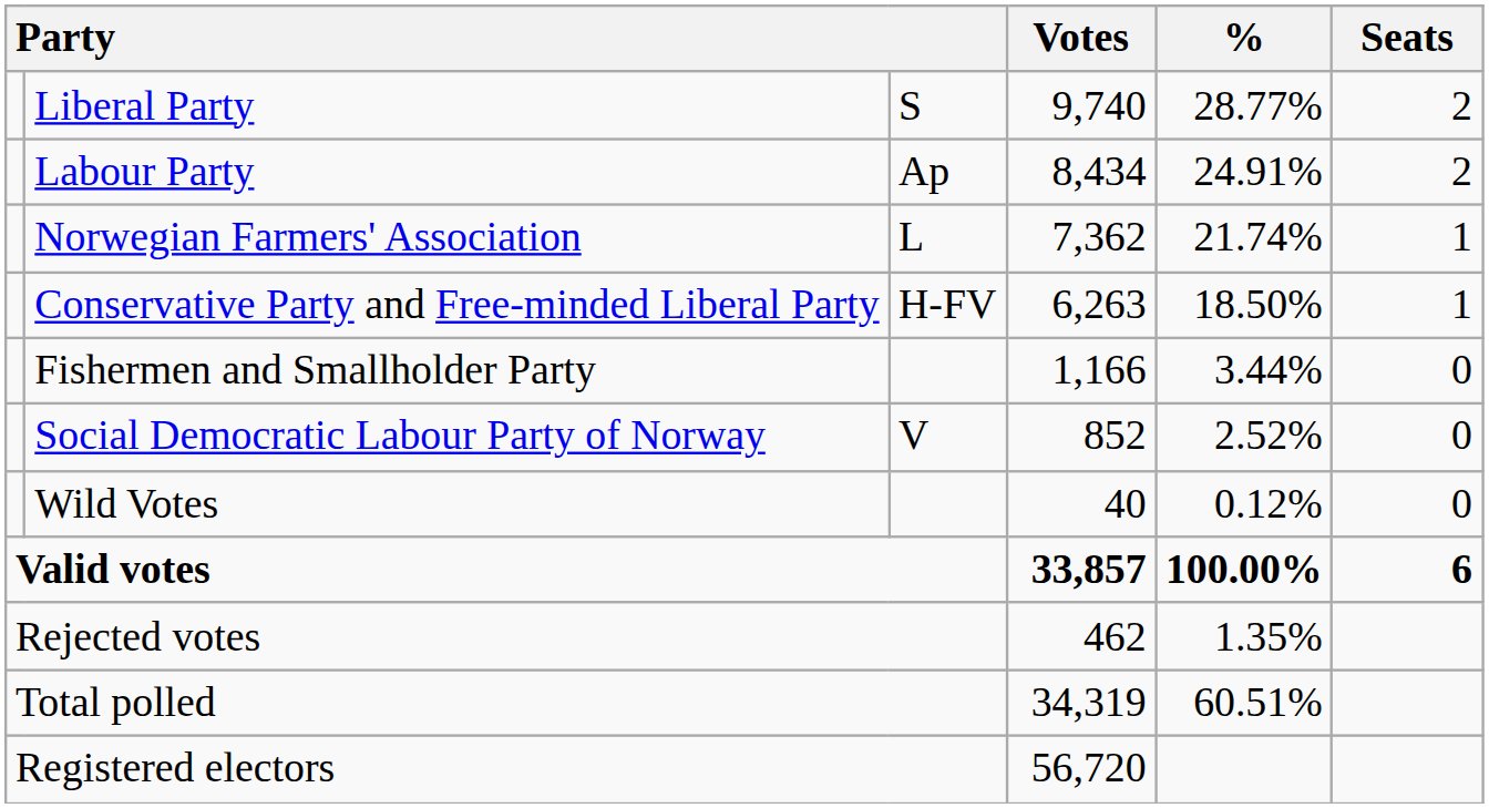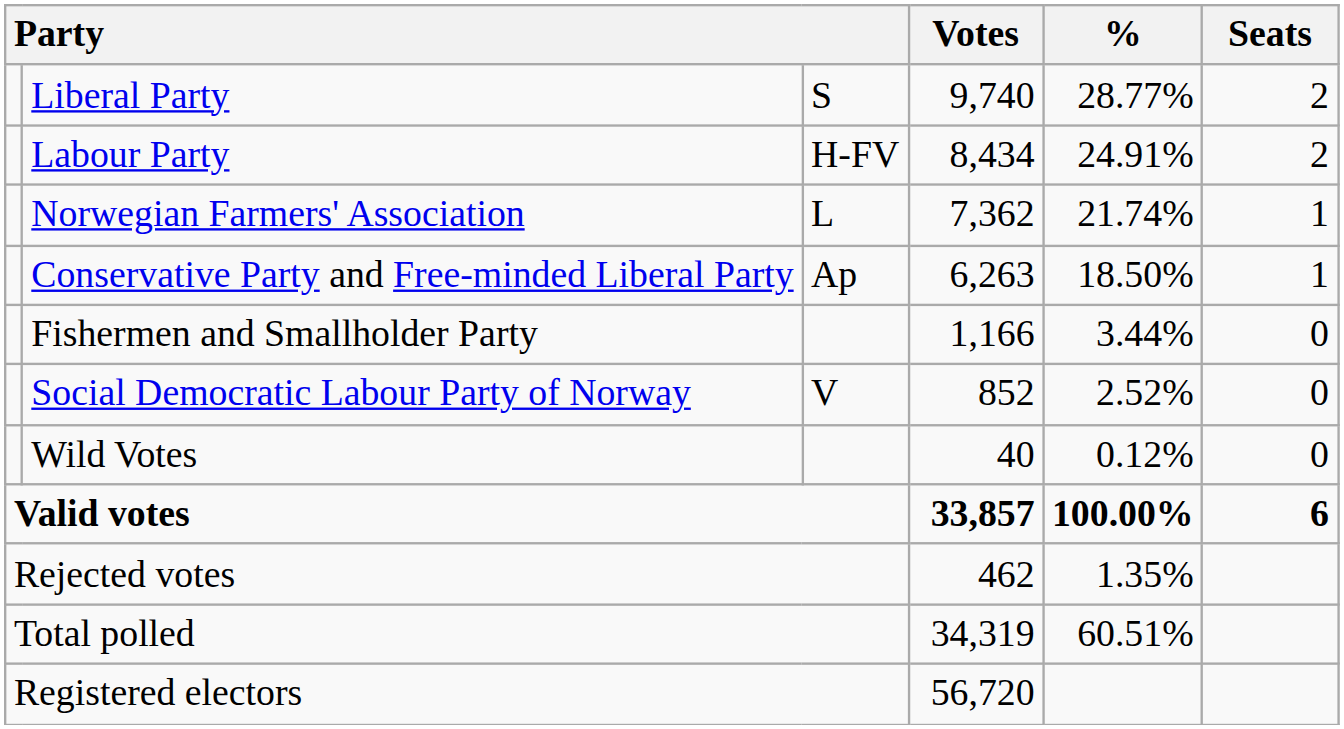 <table class="wikitable" border="1" style="text-align:right;">
 <tr>
 <th style="text-align:left;" colspan=3>Party</th>
 <th align=center width="50">Votes</th>
 <th align=center width="50">%</th>
 <th align=center width="50">Seats</th>
 </tr>
 <tr>
 <td style="color:inherit;background:"></td>
 <td align=left><a href='#'>Liberal Party</a></td>
 <td align=left>S</td>
 <td>9,740</td>
 <td>28.77%</td>
 <td>2</td>
 </tr>
 <tr>
 <td style="color:inherit;background:"></td>
 <td align=left><a href='#'>Labour Party</a></td>
-<td align=left>Ap</td>
+<td align=left>H-FV</td>
 <td>8,434</td>
 <td>24.91%</td>
 <td>2</td>
 </tr>
 <tr>
 <td style="color:inherit;background:"></td>
 <td align=left><a href='#'>Norwegian Farmers' Association</a></td>
 <td align=left>L</td>
 <td>7,362</td>
 <td>21.74%</td>
 <td>1</td>
 </tr>
 <tr>
 <td></td>
 <td align=left><a href='#'>Conservative Party</a> and <a href='#'>Free-minded Liberal Party</a></td>
-<td align=left>H-FV</td>
+<td align=left>Ap</td>
 <td>6,263</td>
 <td>18.50%</td>
 <td>1</td>
 </tr>
 <tr>
 <td></td>
 <td align=left>Fishermen and Smallholder Party</td>
 <td align=left></td>
 <td>1,166</td>
 <td>3.44%</td>
 <td>0</td>
 </tr>
 <tr>
 <td style="color:inherit;background:"></td>
 <td align=left><a href='#'>Social Democratic Labour Party of Norway</a></td>
 <td align=left>V</td>
 <td>852</td>
 <td>2.52%</td>
 <td>0</td>
 </tr>
 <tr>
 <td></td>
 <td align=left>Wild Votes</td>
 <td align=left></td>
 <td>40</td>
 <td>0.12%</td>
 <td>0</td>
 </tr>
 <tr style="font-weight:bold">
 <td align=left colspan=3>Valid votes</td>
 <td>33,857</td>
 <td>100.00%</td>
 <td>6</td>
 </tr>
 <tr>
 <td align=left colspan=3>Rejected votes</td>
 <td>462</td>
 <td>1.35%</td>
 <td></td>
 </tr>
 <tr>
 <td align=left colspan=3>Total polled</td>
 <td>34,319</td>
 <td>60.51%</td>
 <td></td>
 </tr>
 <tr>
 <td align=left colspan=3>Registered electors</td>
 <td>56,720</td>
 <td></td>
 <td></td>
 </tr>
 </table>
